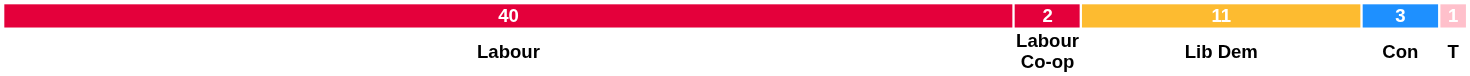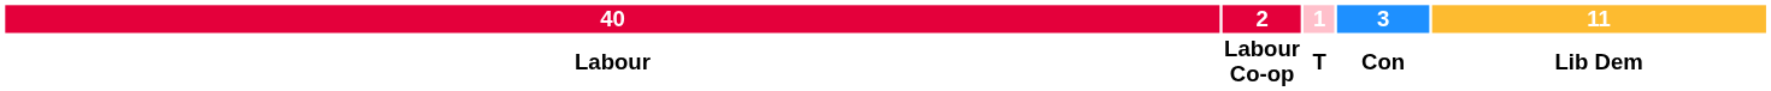 <table style="width:100%; text-align:center;">
 <tr style="color:white;">
 <td style="background:#E4003B; width:70.18%;"><strong>40</strong></td>
 <td style="background:#E4003B; width:3.51%"><strong>2</strong></td>
+<td style="background:pink; width:1.75%;"><strong>1</strong></td>
+<td style="background:dodgerblue; width:5.26%;"><strong>3</strong></td>
 <td style="background:#FDBB30; width:19.30%;"><strong>11</strong></td>
-<td style="background:dodgerblue; width:5.26%;"><strong>3</strong></td>
-<td style="background:pink; width:1.75%;"><strong>1</strong></td>
 </tr>
 <tr>
 <td><span><strong>Labour</strong></span></td>
 <td><span><strong>Labour Co-op</strong></span></td>
+<td><span><strong>T</strong></span></td>
+<td><span><strong>Con</strong></span></td>
 <td><span><strong>Lib Dem</strong></span></td>
-<td><span><strong>Con</strong></span></td>
-<td><span><strong>T</strong></span></td>
 </tr>
 </table>
